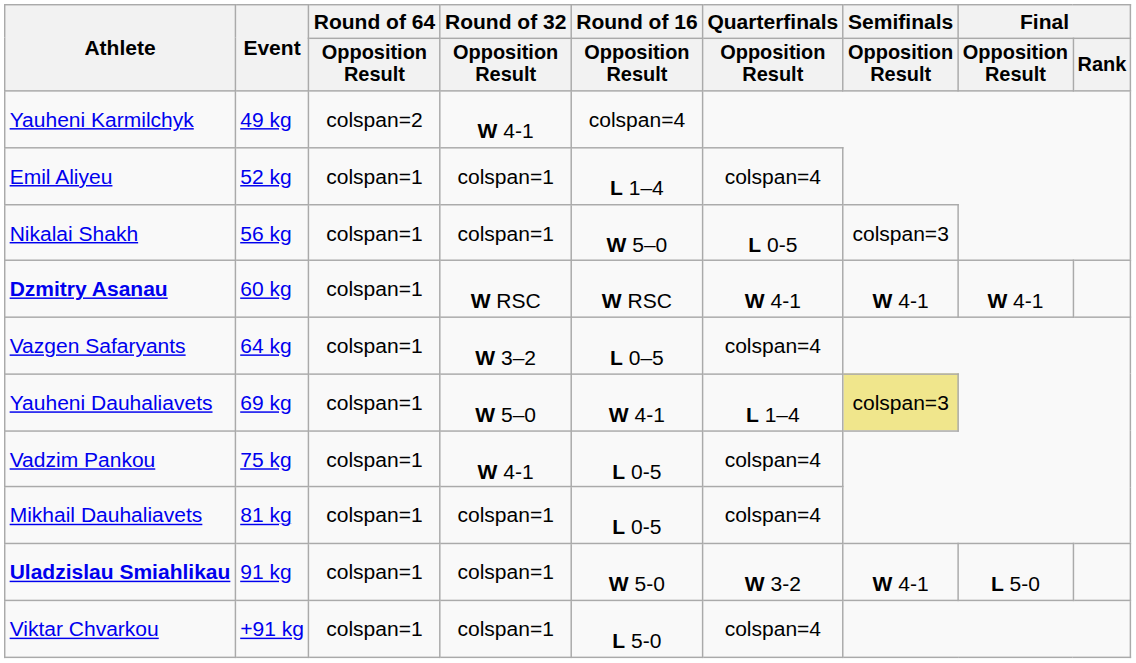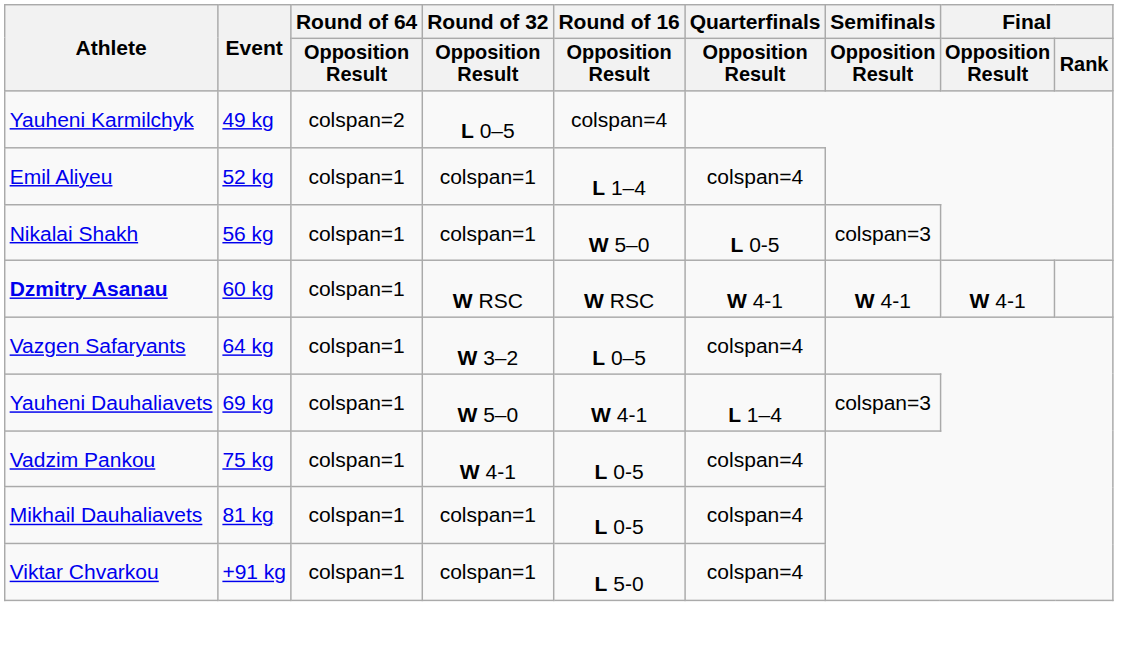 <table class="wikitable" style="text-align:center; font-size:90%">
 <tr>
 <th rowspan=2>Athlete</th>
 <th rowspan=2>Event</th>
 <th>Round of 64</th>
 <th>Round of 32</th>
 <th>Round of 16</th>
 <th>Quarterfinals</th>
 <th>Semifinals</th>
 <th colspan=2>Final</th>
 </tr>
 <tr style="font-size:95%">
 <th>Opposition<br>Result</th>
 <th>Opposition<br>Result</th>
 <th>Opposition<br>Result</th>
 <th>Opposition<br>Result</th>
 <th>Opposition<br>Result</th>
 <th>Opposition<br>Result</th>
 <th>Rank</th>
 </tr>
 <tr>
 <td align=left><a href='#'>Yauheni Karmilchyk</a></td>
 <td align=left><a href='#'>49 kg</a></td>
 <td>colspan=2 </td>
-<td><br><strong>W</strong> 4-1</td>
+<td><br><strong>L</strong> 0–5</td>
 <td>colspan=4 </td>
 </tr>
 <tr>
 <td align=left><a href='#'>Emil Aliyeu</a></td>
 <td align=left><a href='#'>52 kg</a></td>
 <td>colspan=1 </td>
 <td>colspan=1 </td>
 <td><br><strong>L</strong> 1–4</td>
 <td>colspan=4 </td>
 </tr>
 <tr>
 <td align=left><a href='#'>Nikalai Shakh</a></td>
 <td align=left><a href='#'>56 kg</a></td>
 <td>colspan=1 </td>
 <td>colspan=1 </td>
 <td><br><strong>W</strong> 5–0</td>
 <td><br><strong>L</strong> 0-5</td>
 <td>colspan=3 </td>
 </tr>
 <tr>
 <td align=left><strong><a href='#'>Dzmitry Asanau</a></strong></td>
 <td align=left><a href='#'>60 kg</a></td>
 <td>colspan=1 </td>
 <td><br><strong>W</strong> RSC</td>
 <td><br><strong>W</strong> RSC</td>
 <td><br><strong>W</strong> 4-1</td>
 <td><br><strong>W</strong> 4-1</td>
 <td><br><strong>W</strong> 4-1</td>
 <td></td>
 </tr>
 <tr>
 <td align=left><a href='#'>Vazgen Safaryants</a></td>
 <td align=left><a href='#'>64 kg</a></td>
 <td>colspan=1 </td>
 <td><br><strong>W</strong> 3–2</td>
 <td><br><strong>L</strong> 0–5</td>
 <td>colspan=4 </td>
 </tr>
 <tr>
 <td align=left><a href='#'>Yauheni Dauhaliavets</a></td>
 <td align=left><a href='#'>69 kg</a></td>
 <td>colspan=1 </td>
 <td><br><strong>W</strong> 5–0</td>
 <td><br><strong>W</strong> 4-1</td>
 <td><br><strong>L</strong> 1–4</td>
-<td style="background: khaki;">colspan=3 </td>
+<td>colspan=3 </td>
 </tr>
 <tr>
 <td align=left><a href='#'>Vadzim Pankou</a></td>
 <td align=left><a href='#'>75 kg</a></td>
 <td>colspan=1 </td>
 <td><br><strong>W</strong> 4-1</td>
 <td><br><strong>L</strong> 0-5</td>
 <td>colspan=4 </td>
 </tr>
 <tr>
 <td align=left><a href='#'>Mikhail Dauhaliavets</a></td>
 <td align=left><a href='#'>81 kg</a></td>
 <td>colspan=1 </td>
 <td>colspan=1 </td>
 <td><br><strong>L</strong> 0-5</td>
 <td>colspan=4 </td>
 </tr>
 <tr>
-<td align=left><strong><a href='#'>Uladzislau Smiahlikau</a></strong></td>
-<td align=left><a href='#'>91 kg</a></td>
-<td>colspan=1 </td>
-<td>colspan=1 </td>
-<td><br><strong>W</strong> 5-0</td>
-<td><br><strong>W</strong> 3-2</td>
-<td><br><strong>W</strong> 4-1</td>
-<td><br><strong>L</strong> 5-0</td>
-<td></td>
-</tr>
-<tr>
 <td align=left><a href='#'>Viktar Chvarkou</a></td>
 <td align=left><a href='#'>+91 kg</a></td>
 <td>colspan=1 </td>
 <td>colspan=1 </td>
 <td><br><strong>L</strong> 5-0</td>
 <td>colspan=4 </td>
 </tr>
 </table>
